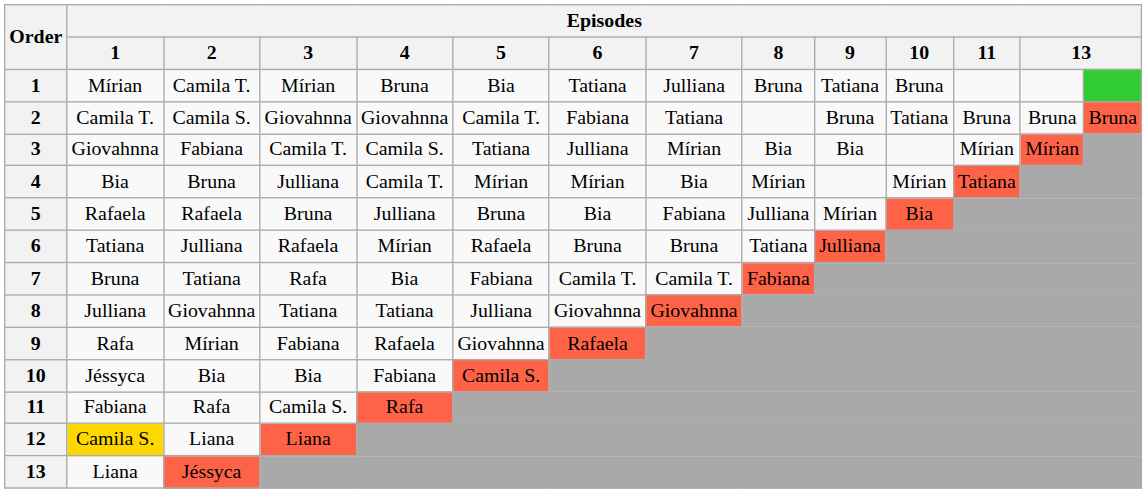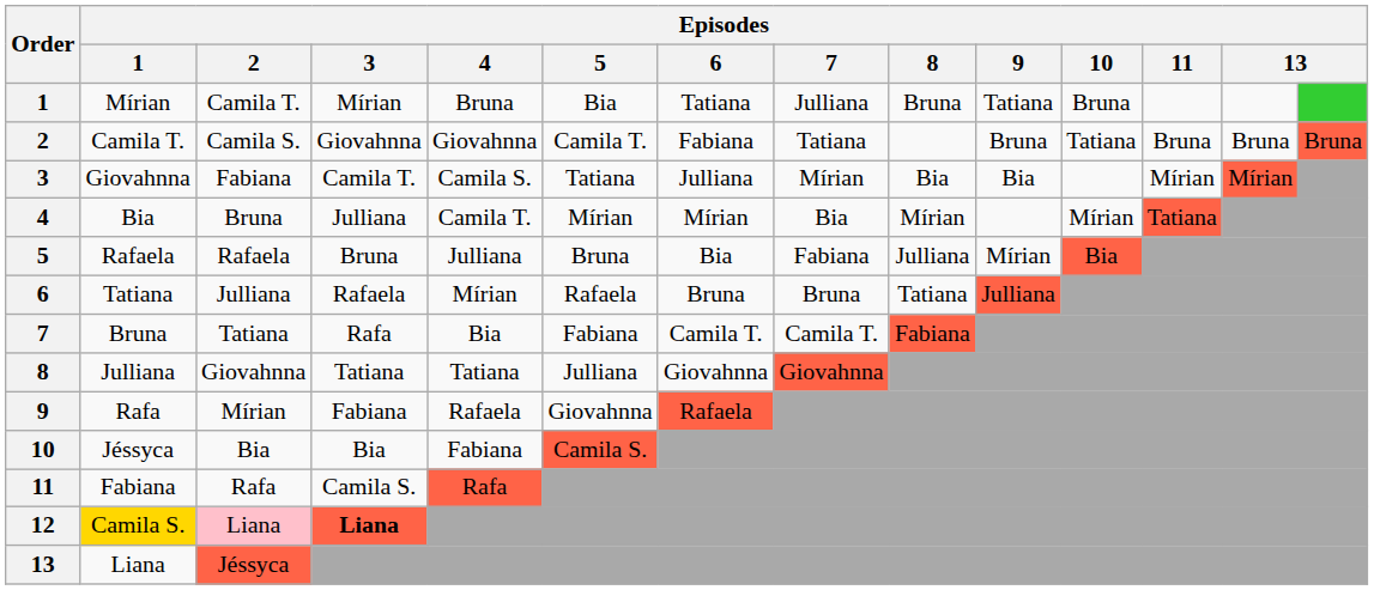 <table class="wikitable" style="text-align:center; font-size:92%">
 <tr>
 <th rowspan=2>Order</th>
 <th colspan=13>Episodes</th>
 </tr>
 <tr>
 <th>1</th>
 <th>2</th>
 <th>3</th>
 <th>4</th>
 <th>5</th>
 <th>6</th>
 <th>7</th>
 <th>8</th>
 <th>9</th>
 <th>10</th>
 <th>11</th>
 <th colspan=2>13</th>
 </tr>
 <tr>
 <th>1</th>
 <td>Mírian</td>
 <td>Camila T.</td>
 <td>Mírian</td>
 <td>Bruna</td>
 <td>Bia</td>
 <td>Tatiana</td>
 <td>Julliana</td>
 <td>Bruna</td>
 <td>Tatiana</td>
 <td>Bruna</td>
 <td></td>
 <td></td>
 <td bgcolor="limegreen"></td>
 </tr>
 <tr>
 <th>2</th>
 <td>Camila T.</td>
 <td>Camila S.</td>
 <td>Giovahnna</td>
 <td>Giovahnna</td>
 <td>Camila T.</td>
 <td>Fabiana</td>
 <td>Tatiana</td>
 <td></td>
 <td>Bruna</td>
 <td>Tatiana</td>
 <td>Bruna</td>
 <td>Bruna</td>
 <td bgcolor="tomato">Bruna</td>
 </tr>
 <tr>
 <th>3</th>
 <td>Giovahnna</td>
 <td>Fabiana</td>
 <td>Camila T.</td>
 <td>Camila S.</td>
 <td>Tatiana</td>
 <td>Julliana</td>
 <td>Mírian</td>
 <td>Bia</td>
 <td>Bia</td>
 <td></td>
 <td>Mírian</td>
 <td bgcolor="tomato">Mírian</td>
 <td bgcolor="darkgray"></td>
 </tr>
 <tr>
 <th>4</th>
 <td>Bia</td>
 <td>Bruna</td>
 <td>Julliana</td>
 <td>Camila T.</td>
 <td>Mírian</td>
 <td>Mírian</td>
 <td>Bia</td>
 <td>Mírian</td>
 <td></td>
 <td>Mírian</td>
 <td bgcolor="tomato">Tatiana</td>
 <td bgcolor="darkgray" colspan=2></td>
 </tr>
 <tr>
 <th>5</th>
 <td>Rafaela</td>
 <td>Rafaela</td>
 <td>Bruna</td>
 <td>Julliana</td>
 <td>Bruna</td>
 <td>Bia</td>
 <td>Fabiana</td>
 <td>Julliana</td>
 <td>Mírian</td>
 <td bgcolor="tomato">Bia</td>
 <td colspan=3 bgcolor="darkgray"></td>
 </tr>
 <tr>
 <th>6</th>
 <td>Tatiana</td>
 <td>Julliana</td>
 <td>Rafaela</td>
 <td>Mírian</td>
 <td>Rafaela</td>
 <td>Bruna</td>
 <td>Bruna</td>
 <td>Tatiana</td>
 <td bgcolor="tomato">Julliana</td>
 <td colspan=4 bgcolor="darkgray"></td>
 </tr>
 <tr>
 <th>7</th>
 <td>Bruna</td>
 <td>Tatiana</td>
 <td>Rafa</td>
 <td>Bia</td>
 <td>Fabiana</td>
 <td>Camila T.</td>
 <td>Camila T.</td>
 <td bgcolor="tomato">Fabiana</td>
 <td colspan=5 bgcolor="darkgray"></td>
 </tr>
 <tr>
 <th>8</th>
 <td>Julliana</td>
 <td>Giovahnna</td>
 <td>Tatiana</td>
 <td>Tatiana</td>
 <td>Julliana</td>
 <td>Giovahnna</td>
 <td bgcolor="tomato">Giovahnna</td>
 <td colspan=6 bgcolor="darkgray"></td>
 </tr>
 <tr>
 <th>9</th>
 <td>Rafa</td>
 <td>Mírian</td>
 <td>Fabiana</td>
 <td>Rafaela</td>
 <td>Giovahnna</td>
 <td bgcolor="tomato">Rafaela</td>
 <td colspan=7 bgcolor="darkgray"></td>
 </tr>
 <tr>
 <th>10</th>
 <td>Jéssyca</td>
 <td>Bia</td>
 <td>Bia</td>
 <td>Fabiana</td>
 <td bgcolor="tomato">Camila S.</td>
 <td colspan=9 bgcolor="darkgray"></td>
 </tr>
 <tr>
 <th>11</th>
 <td>Fabiana</td>
 <td>Rafa</td>
 <td>Camila S.</td>
 <td bgcolor="tomato">Rafa</td>
 <td colspan=9 bgcolor="darkgray"></td>
 </tr>
 <tr>
 <th>12</th>
 <td style="background: gold;">Camila S.</td>
-<td>Liana</td>
-<td bgcolor="tomato">Liana</td>
+<td style="background: pink;">Liana</td>
+<td bgcolor="tomato"><strong>Liana</strong></td>
 <td colspan=10 bgcolor="darkgray"></td>
 </tr>
 <tr>
 <th>13</th>
 <td>Liana</td>
 <td bgcolor="tomato">Jéssyca</td>
 <td colspan=11 bgcolor="darkgray"></td>
 </tr>
 </table>
